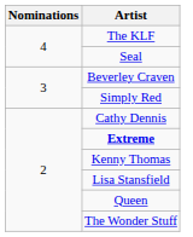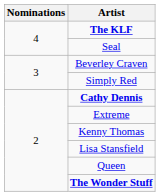 <table class="wikitable" rowspan="2" style="text-align:center;">
 <tr>
 <th scope="col" style="width:55px;">Nominations</th>
 <th scope="col" style="text-align:center;">Artist</th>
 </tr>
 <tr>
 <td rowspan="2">4</td>
-<td><a href='#'>The KLF</a></td>
+<td><strong><a href='#'>The KLF</a></strong></td>
 </tr>
 <tr>
 <td><a href='#'>Seal</a></td>
 </tr>
 <tr>
 <td rowspan="2">3</td>
 <td><a href='#'>Beverley Craven</a></td>
 </tr>
 <tr>
 <td><a href='#'>Simply Red</a></td>
 </tr>
 <tr>
 <td rowspan="6">2</td>
-<td><a href='#'>Cathy Dennis</a></td>
+<td><strong><a href='#'>Cathy Dennis</a></strong></td>
 </tr>
 <tr>
-<td><strong><a href='#'>Extreme</a></strong></td>
+<td><a href='#'>Extreme</a></td>
 </tr>
 <tr>
 <td><a href='#'>Kenny Thomas</a></td>
 </tr>
 <tr>
 <td><a href='#'>Lisa Stansfield</a></td>
 </tr>
 <tr>
 <td><a href='#'>Queen</a></td>
 </tr>
 <tr>
-<td><a href='#'>The Wonder Stuff</a></td>
+<td><strong><a href='#'>The Wonder Stuff</a></strong></td>
 </tr>
 </table>
